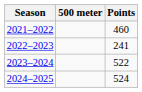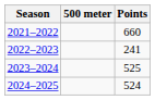 <table class="wikitable" style="display: inline-table;">
 <tr>
 <th>Season</th>
 <th>500 meter</th>
 <th>Points</th>
 </tr>
 <tr style="text-align:center">
 <td><a href='#'>2021–2022</a></td>
 <td></td>
-<td>460</td>
+<td>660</td>
 </tr>
 <tr style="text-align:center">
 <td><a href='#'>2022–2023</a></td>
 <td></td>
 <td>241</td>
 </tr>
 <tr style="text-align:center">
 <td><a href='#'>2023–2024</a></td>
 <td></td>
-<td>522</td>
+<td>525</td>
 </tr>
 <tr style="text-align:center">
 <td><a href='#'>2024–2025</a></td>
 <td></td>
 <td>524</td>
 </tr>
 </table>
